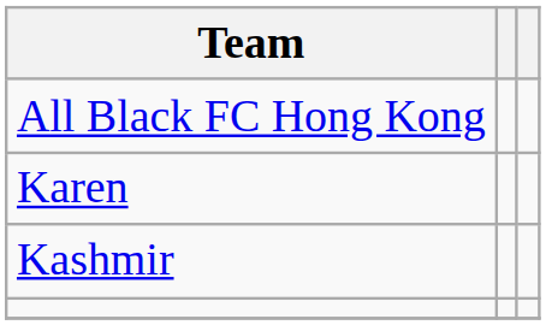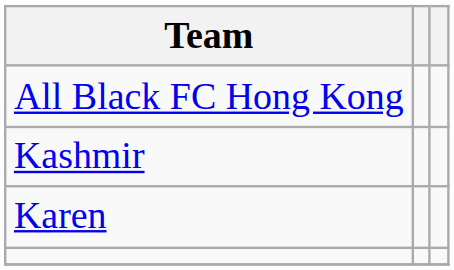 <table class="wikitable sortable plainrowheaders" style="font-size:100%; display:inline-table; margin-right:1em;">
 <tr>
 <th scope=col>Team</th>
 <th></th>
 <th></th>
 </tr>
 <tr>
 <td> <a href='#'>All Black FC Hong Kong</a></td>
 <td></td>
 <td></td>
 </tr>
 <tr>
-<td> <a href='#'>Karen</a></td>
+<td> <a href='#'>Kashmir</a></td>
 <td></td>
 <td></td>
 </tr>
 <tr>
-<td> <a href='#'>Kashmir</a></td>
+<td> <a href='#'>Karen</a></td>
 <td></td>
 <td></td>
 </tr>
 <tr>
 <td></td>
 <td></td>
 <td></td>
 </tr>
 <tr>
 </tr>
 </table>
